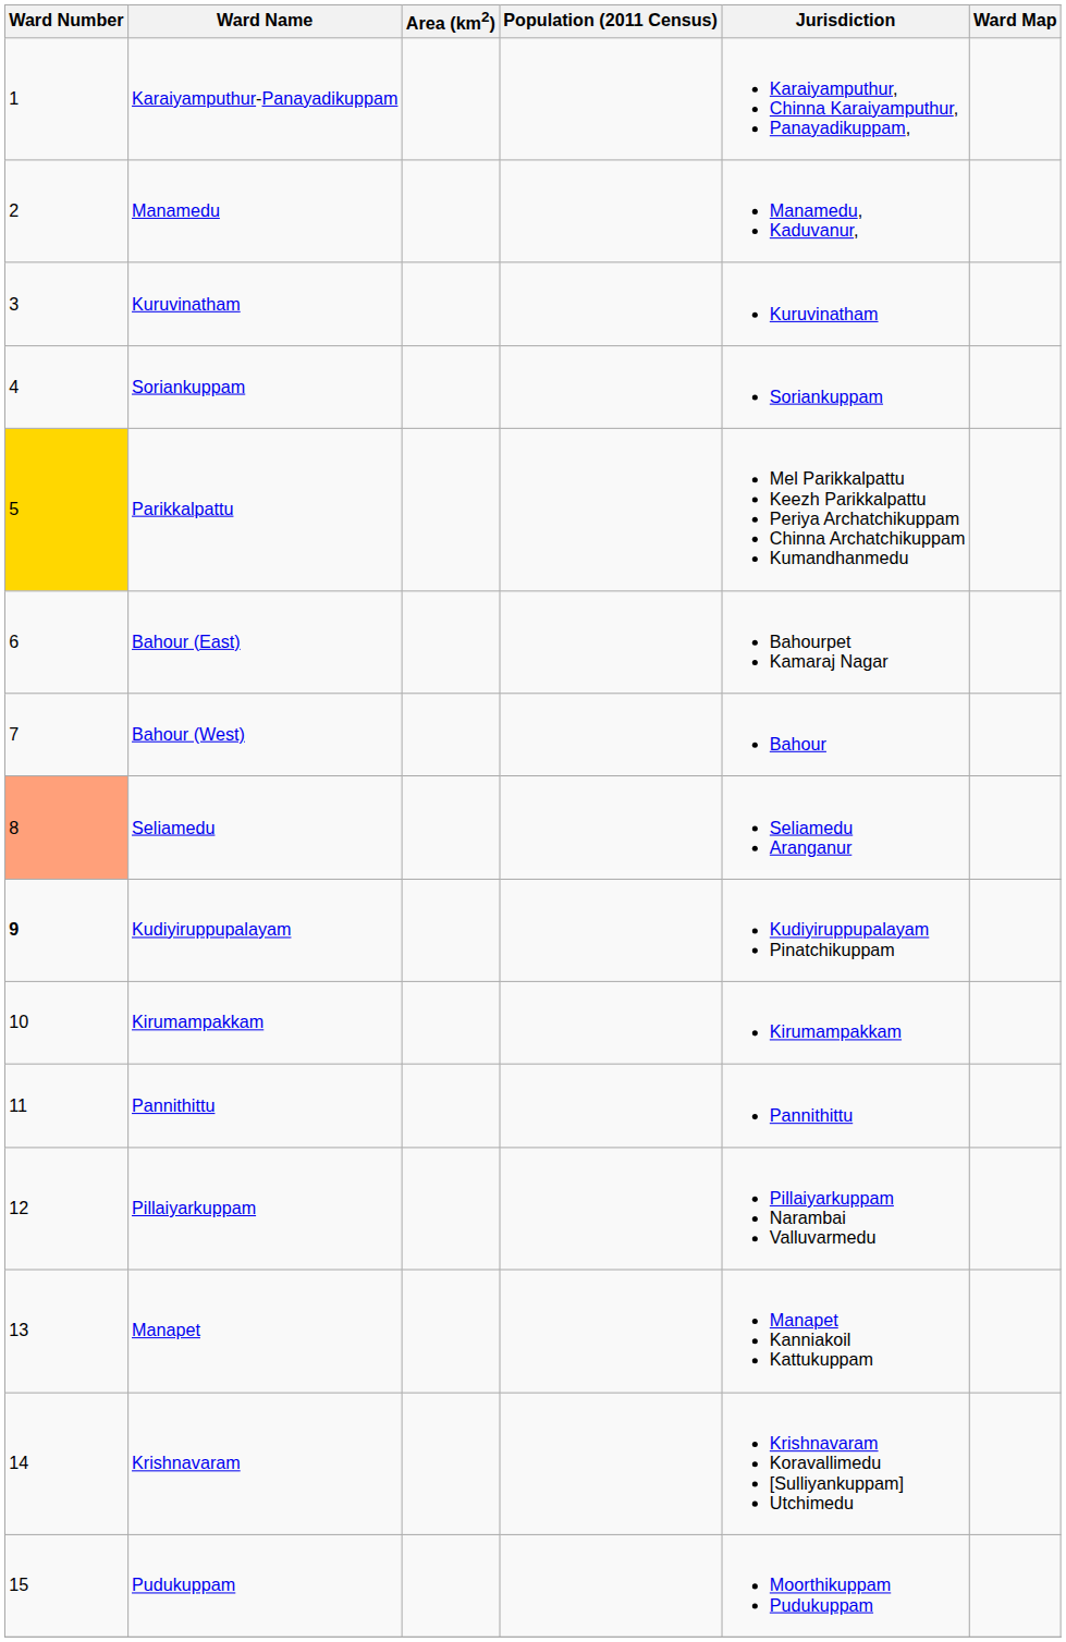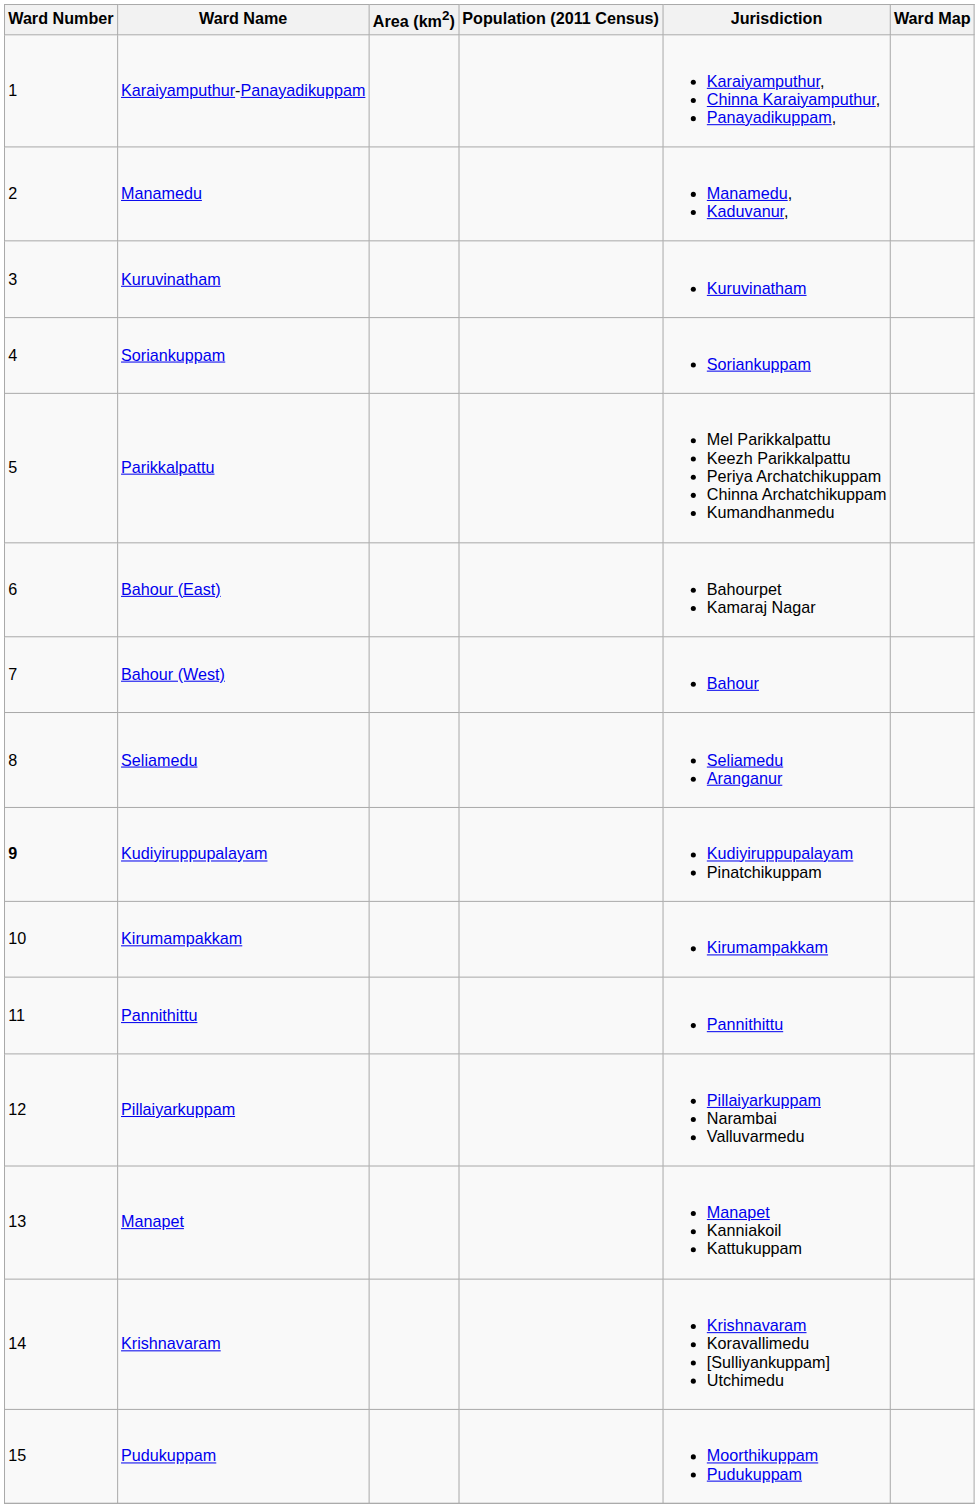 <table class="wikitable sortable">
 <tr>
 <th>Ward Number</th>
 <th>Ward Name</th>
 <th>Area (km<sup>2</sup>)</th>
 <th>Population (2011 Census)</th>
 <th>Jurisdiction</th>
 <th>Ward Map</th>
 </tr>
 <tr>
 <td>1</td>
 <td><a href='#'>Karaiyamputhur</a>-<a href='#'>Panayadikuppam</a></td>
 <td></td>
 <td></td>
 <td align="left"><br><ul><li><a href='#'>Karaiyamputhur</a>,</li><li><a href='#'>Chinna Karaiyamputhur</a>,</li><li><a href='#'>Panayadikuppam</a>,</li></ul></td>
 <td></td>
 </tr>
 <tr>
 <td>2</td>
 <td><a href='#'>Manamedu</a></td>
 <td></td>
 <td></td>
 <td align="left"><br><ul><li><a href='#'>Manamedu</a>,</li><li><a href='#'>Kaduvanur</a>,</li></ul></td>
 <td></td>
 </tr>
 <tr>
 <td>3</td>
 <td><a href='#'>Kuruvinatham</a></td>
 <td></td>
 <td></td>
 <td align="left"><br><ul><li><a href='#'>Kuruvinatham</a></li></ul></td>
 <td></td>
 </tr>
 <tr>
 <td>4</td>
 <td><a href='#'>Soriankuppam</a></td>
 <td></td>
 <td></td>
 <td align="left"><br><ul><li><a href='#'>Soriankuppam</a></li></ul></td>
 <td></td>
 </tr>
 <tr>
-<td style="background: gold;">5</td>
+<td>5</td>
 <td><a href='#'>Parikkalpattu</a></td>
 <td></td>
 <td></td>
 <td align="left"><br><ul><li>Mel Parikkalpattu</li><li>Keezh Parikkalpattu</li><li>Periya Archatchikuppam</li><li>Chinna Archatchikuppam</li><li>Kumandhanmedu</li></ul></td>
 <td></td>
 </tr>
 <tr>
 <td>6</td>
 <td><a href='#'>Bahour (East)</a></td>
 <td></td>
 <td></td>
 <td align="left"><br><ul><li>Bahourpet</li><li>Kamaraj Nagar</li></ul></td>
 <td></td>
 </tr>
 <tr>
 <td>7</td>
 <td><a href='#'>Bahour (West)</a></td>
 <td></td>
 <td></td>
 <td align="left"><br><ul><li><a href='#'>Bahour</a></li></ul></td>
 <td></td>
 </tr>
 <tr>
-<td style="background: lightsalmon;">8</td>
+<td>8</td>
 <td><a href='#'>Seliamedu</a></td>
 <td></td>
 <td></td>
 <td align="left"><br><ul><li><a href='#'>Seliamedu</a></li><li><a href='#'>Aranganur</a></li></ul></td>
 <td></td>
 </tr>
 <tr>
 <td><strong>9</strong></td>
 <td><a href='#'>Kudiyiruppupalayam</a></td>
 <td></td>
 <td></td>
 <td align="left"><br><ul><li><a href='#'>Kudiyiruppupalayam</a></li><li>Pinatchikuppam</li></ul></td>
 <td></td>
 </tr>
 <tr>
 <td>10</td>
 <td><a href='#'>Kirumampakkam</a></td>
 <td></td>
 <td></td>
 <td align="left"><br><ul><li><a href='#'>Kirumampakkam</a></li></ul></td>
 <td></td>
 </tr>
 <tr>
 <td>11</td>
 <td><a href='#'>Pannithittu</a></td>
 <td></td>
 <td></td>
 <td align="left"><br><ul><li><a href='#'>Pannithittu</a></li></ul></td>
 <td></td>
 </tr>
 <tr>
 <td>12</td>
 <td><a href='#'>Pillaiyarkuppam</a></td>
 <td></td>
 <td></td>
 <td align="left"><br><ul><li><a href='#'>Pillaiyarkuppam</a></li><li>Narambai</li><li>Valluvarmedu</li></ul></td>
 <td></td>
 </tr>
 <tr>
 <td>13</td>
 <td><a href='#'>Manapet</a></td>
 <td></td>
 <td></td>
 <td align="left"><br><ul><li><a href='#'>Manapet</a></li><li>Kanniakoil</li><li>Kattukuppam</li></ul></td>
 <td></td>
 </tr>
 <tr>
 <td>14</td>
 <td><a href='#'>Krishnavaram</a></td>
 <td></td>
 <td></td>
 <td align="left"><br><ul><li><a href='#'>Krishnavaram</a></li><li>Koravallimedu</li><li>[Sulliyankuppam]</li><li>Utchimedu</li></ul></td>
 <td></td>
 </tr>
 <tr>
 <td>15</td>
 <td><a href='#'>Pudukuppam</a></td>
 <td></td>
 <td></td>
 <td align="left"><br><ul><li><a href='#'>Moorthikuppam</a></li><li><a href='#'>Pudukuppam</a></li></ul></td>
 <td></td>
 </tr>
 <tr>
 </tr>
 </table>
